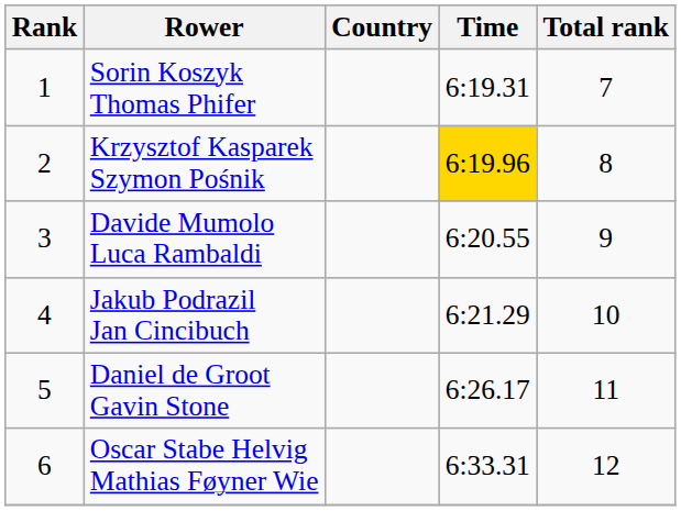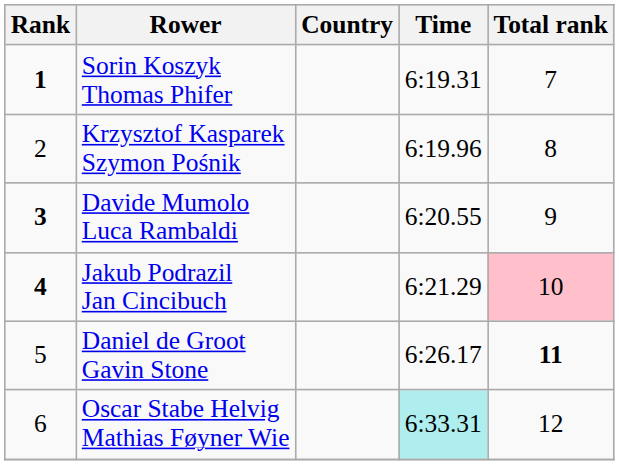 <table class="wikitable" style="text-align:center">
 <tr>
 <th>Rank</th>
 <th>Rower</th>
 <th>Country</th>
 <th>Time</th>
 <th>Total rank</th>
 </tr>
 <tr>
-<td>1</td>
+<td><strong>1</strong></td>
 <td align="left"><a href='#'>Sorin Koszyk</a><br><a href='#'>Thomas Phifer</a></td>
 <td align="left"></td>
 <td>6:19.31</td>
 <td>7</td>
 </tr>
 <tr>
 <td>2</td>
 <td align="left"><a href='#'>Krzysztof Kasparek</a><br><a href='#'>Szymon Pośnik</a></td>
 <td align="left"></td>
-<td style="background: gold;">6:19.96</td>
+<td>6:19.96</td>
 <td>8</td>
 </tr>
 <tr>
-<td>3</td>
+<td><strong>3</strong></td>
 <td align="left"><a href='#'>Davide Mumolo</a><br><a href='#'>Luca Rambaldi</a></td>
 <td align="left"></td>
 <td>6:20.55</td>
 <td>9</td>
 </tr>
 <tr>
-<td>4</td>
+<td><strong>4</strong></td>
 <td align="left"><a href='#'>Jakub Podrazil</a><br><a href='#'>Jan Cincibuch</a></td>
 <td align="left"></td>
 <td>6:21.29</td>
-<td>10</td>
+<td style="background: pink;">10</td>
 </tr>
 <tr>
 <td>5</td>
 <td align="left"><a href='#'>Daniel de Groot</a><br><a href='#'>Gavin Stone</a></td>
 <td align="left"></td>
 <td>6:26.17</td>
-<td>11</td>
+<td><strong>11</strong></td>
 </tr>
 <tr>
 <td>6</td>
 <td align="left"><a href='#'>Oscar Stabe Helvig</a><br><a href='#'>Mathias Føyner Wie</a></td>
 <td align="left"></td>
-<td>6:33.31</td>
+<td style="background: paleturquoise;">6:33.31</td>
 <td>12</td>
 </tr>
 <tr>
 </tr>
 </table>
